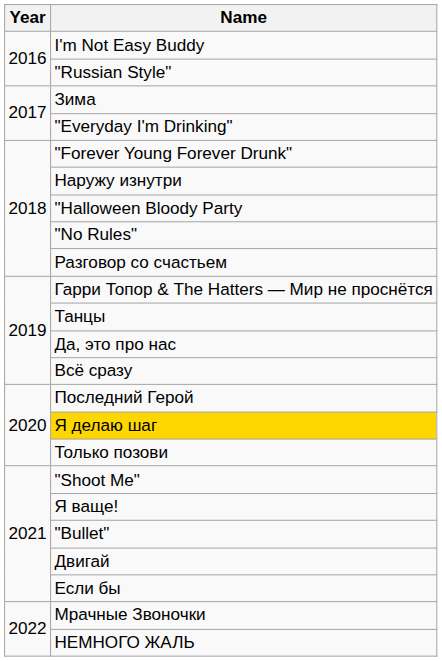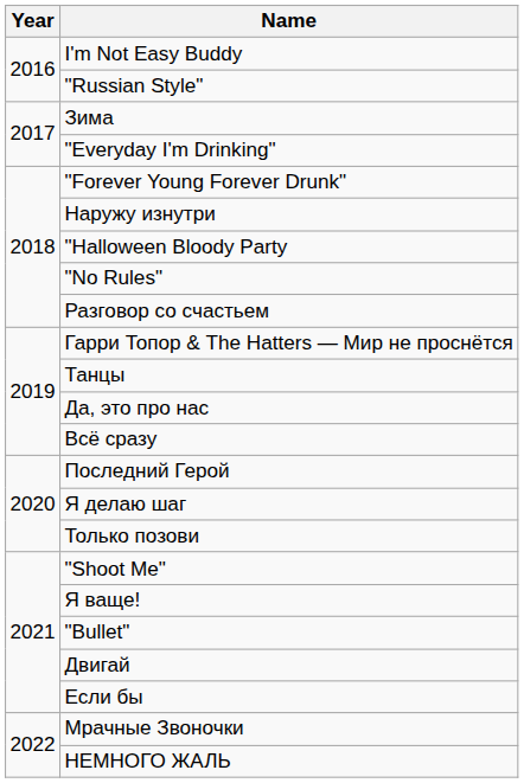 <table class="wikitable">
 <tr>
 <th>Year</th>
 <th>Name</th>
 </tr>
 <tr>
 <td rowspan="2">2016</td>
 <td>I'm Not Easy Buddy</td>
 </tr>
 <tr>
 <td>"Russian Style"</td>
 </tr>
 <tr>
 <td rowspan="2">2017</td>
 <td>Зима</td>
 </tr>
 <tr>
 <td>"Everyday I'm Drinking"</td>
 </tr>
 <tr>
 <td rowspan="5">2018</td>
 <td>"Forever Young Forever Drunk"<br></td>
 </tr>
 <tr>
 <td>Наружу изнутри</td>
 </tr>
 <tr>
 <td>"Halloween Bloody Party</td>
 </tr>
 <tr>
 <td>"No Rules"</td>
 </tr>
 <tr>
 <td>Разговор со счастьем<br></td>
 </tr>
 <tr>
 <td rowspan="4">2019</td>
 <td>Гарри Топор & The Hatters — Мир не проснётся</td>
 </tr>
 <tr>
 <td>Танцы</td>
 </tr>
 <tr>
 <td>Да, это про нас</td>
 </tr>
 <tr>
 <td>Всё сразу</td>
 </tr>
 <tr>
 <td rowspan="3">2020</td>
 <td>Последний Герой</td>
 </tr>
 <tr>
-<td style="background: gold;">Я делаю шаг</td>
+<td>Я делаю шаг</td>
 </tr>
 <tr>
 <td>Только позови</td>
 </tr>
 <tr>
 <td rowspan="5">2021</td>
 <td>"Shoot Me"</td>
 </tr>
 <tr>
 <td>Я ваще!</td>
 </tr>
 <tr>
 <td>"Bullet"<br></td>
 </tr>
 <tr>
 <td>Двигай</td>
 </tr>
 <tr>
 <td>Если бы</td>
 </tr>
 <tr>
 <td rowspan="2">2022</td>
 <td>Мрачные Звоночки</td>
 </tr>
 <tr>
 <td>НЕМНОГО ЖАЛЬ</td>
 </tr>
 </table>
